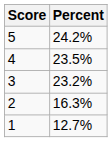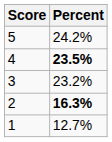 <table class="wikitable">
 <tr>
 <th>Score</th>
 <th>Percent</th>
 </tr>
 <tr>
 <td>5</td>
 <td>24.2%</td>
 </tr>
 <tr>
 <td>4</td>
-<td>23.5%</td>
+<td><strong>23.5%</strong></td>
 </tr>
 <tr>
 <td>3</td>
 <td>23.2%</td>
 </tr>
 <tr>
 <td>2</td>
-<td>16.3%</td>
+<td><strong>16.3%</strong></td>
 </tr>
 <tr>
 <td>1</td>
 <td>12.7%</td>
 </tr>
 </table>
